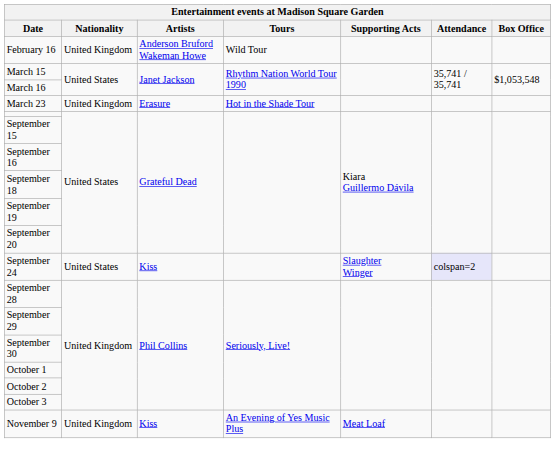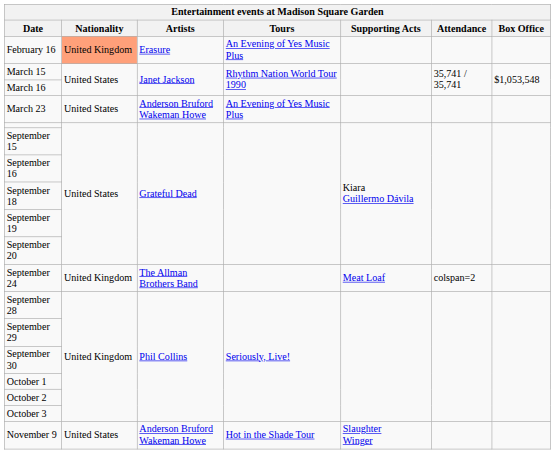 <table class="wikitable">
 <tr>
 <th colspan="9">Entertainment events at Madison Square Garden</th>
 </tr>
 <tr>
 <th width=100>Date</th>
 <th width=150>Nationality</th>
 <th width=200>Artists</th>
 <th width=300>Tours</th>
 <th width=200>Supporting Acts</th>
 <th width=100>Attendance</th>
 <th width=100>Box Office</th>
 </tr>
 <tr>
 <td>February 16</td>
-<td>United Kingdom</td>
-<td><a href='#'>Anderson Bruford Wakeman Howe</a></td>
-<td>Wild Tour</td>
+<td style="background: lightsalmon;">United Kingdom</td>
+<td><a href='#'>Erasure</a></td>
+<td><a href='#'>An Evening of Yes Music Plus</a></td>
 <td></td>
 <td></td>
 <td></td>
 </tr>
 <tr>
 <td>March 15</td>
 <td rowspan=2>United States</td>
 <td rowspan=2><a href='#'>Janet Jackson</a></td>
 <td rowspan=2><a href='#'>Rhythm Nation World Tour 1990</a></td>
 <td rowspan=2></td>
 <td rowspan=2>35,741 / 35,741</td>
 <td rowspan=2>$1,053,548</td>
 </tr>
 <tr>
 <td>March 16</td>
 </tr>
 <tr>
 <td>March 23</td>
-<td>United Kingdom</td>
-<td><a href='#'>Erasure</a></td>
-<td><a href='#'>Hot in the Shade Tour</a></td>
+<td>United States</td>
+<td><a href='#'>Anderson Bruford Wakeman Howe</a></td>
+<td><a href='#'>An Evening of Yes Music Plus</a></td>
 <td></td>
 <td></td>
 <td></td>
 </tr>
 <tr>
 <td></td>
 <td rowspan=6>United States</td>
 <td rowspan=6><a href='#'>Grateful Dead</a></td>
 <td rowspan=6></td>
 <td rowspan=6>Kiara<br><a href='#'>Guillermo Dávila</a></td>
 <td rowspan=6></td>
 <td rowspan=6></td>
 </tr>
 <tr>
 <td>September 15</td>
 </tr>
 <tr>
 <td>September 16</td>
 </tr>
 <tr>
 <td>September 18</td>
 </tr>
 <tr>
 <td>September 19</td>
 </tr>
 <tr>
 <td>September 20</td>
 </tr>
 <tr>
 <td>September 24</td>
-<td>United States</td>
-<td><a href='#'>Kiss</a></td>
+<td>United Kingdom</td>
+<td><a href='#'>The Allman Brothers Band</a></td>
 <td></td>
-<td><a href='#'>Slaughter</a><br><a href='#'>Winger</a></td>
-<td style="background: lavender;">colspan=2 </td>
+<td><a href='#'>Meat Loaf</a></td>
+<td>colspan=2 </td>
 </tr>
 <tr>
 <td>September 28</td>
 <td rowspan=6>United Kingdom</td>
 <td rowspan=6><a href='#'>Phil Collins</a></td>
 <td rowspan=6><a href='#'>Seriously, Live!</a></td>
 <td rowspan=6></td>
 <td rowspan=6></td>
 <td rowspan=6></td>
 </tr>
 <tr>
 <td>September 29</td>
 </tr>
 <tr>
 <td>September 30</td>
 </tr>
 <tr>
 <td>October 1</td>
 </tr>
 <tr>
 <td>October 2</td>
 </tr>
 <tr>
 <td>October 3</td>
 </tr>
 <tr>
 <td>November 9</td>
-<td>United Kingdom</td>
-<td><a href='#'>Kiss</a></td>
-<td><a href='#'>An Evening of Yes Music Plus</a></td>
-<td><a href='#'>Meat Loaf</a></td>
+<td>United States</td>
+<td><a href='#'>Anderson Bruford Wakeman Howe</a></td>
+<td><a href='#'>Hot in the Shade Tour</a></td>
+<td><a href='#'>Slaughter</a><br><a href='#'>Winger</a></td>
 <td></td>
 <td></td>
 </tr>
 </table>
